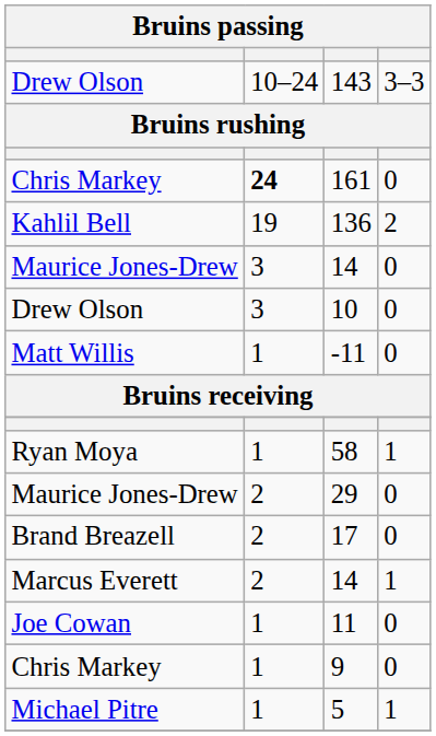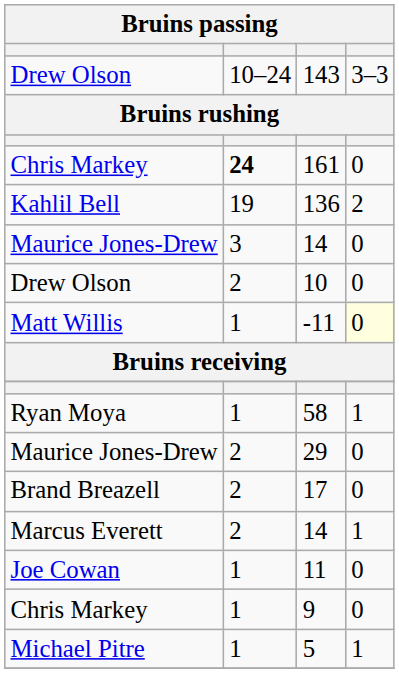 <table class="wikitable plainrowheaders">
 <tr>
 <th colspan="6">Bruins passing</th>
 </tr>
 <tr>
 <th scope="col"></th>
 <th scope="col"></th>
 <th scope="col"></th>
 <th scope="col"></th>
 </tr>
 <tr>
 <td><a href='#'>Drew Olson</a></td>
 <td>10–24</td>
 <td>143</td>
 <td>3–3</td>
 </tr>
 <tr>
 <th colspan="6">Bruins rushing</th>
 </tr>
 <tr>
 <th scope="col"></th>
 <th scope="col"></th>
 <th scope="col"></th>
 <th scope="col"></th>
 </tr>
 <tr>
 <td><a href='#'>Chris Markey</a></td>
 <td><strong>24</strong></td>
 <td>161</td>
 <td>0</td>
 </tr>
 <tr>
 <td><a href='#'>Kahlil Bell</a></td>
 <td>19</td>
 <td>136</td>
 <td>2</td>
 </tr>
 <tr>
 <td><a href='#'>Maurice Jones-Drew</a></td>
 <td>3</td>
 <td>14</td>
 <td>0</td>
 </tr>
 <tr>
 <td>Drew Olson</td>
-<td>3</td>
+<td>2</td>
 <td>10</td>
 <td>0</td>
 </tr>
 <tr>
 <td><a href='#'>Matt Willis</a></td>
 <td>1</td>
 <td>-11</td>
-<td>0</td>
+<td style="background: lightyellow;">0</td>
 </tr>
 <tr>
 <th colspan="6">Bruins receiving</th>
 </tr>
 <tr>
 </tr>
 <tr>
 <th scope="col"></th>
 <th scope="col"></th>
 <th scope="col"></th>
 <th scope="col"></th>
 </tr>
 <tr>
 <td>Ryan Moya</td>
 <td>1</td>
 <td>58</td>
 <td>1</td>
 </tr>
 <tr>
 <td>Maurice Jones-Drew</td>
 <td>2</td>
 <td>29</td>
 <td>0</td>
 </tr>
 <tr>
 <td>Brand Breazell</td>
 <td>2</td>
 <td>17</td>
 <td>0</td>
 </tr>
 <tr>
 <td>Marcus Everett</td>
 <td>2</td>
 <td>14</td>
 <td>1</td>
 </tr>
 <tr>
 <td><a href='#'>Joe Cowan</a></td>
 <td>1</td>
 <td>11</td>
 <td>0</td>
 </tr>
 <tr>
 <td>Chris Markey</td>
 <td>1</td>
 <td>9</td>
 <td>0</td>
 </tr>
 <tr>
 <td><a href='#'>Michael Pitre</a></td>
 <td>1</td>
 <td>5</td>
 <td>1</td>
 </tr>
 <tr>
 </tr>
 </table>
